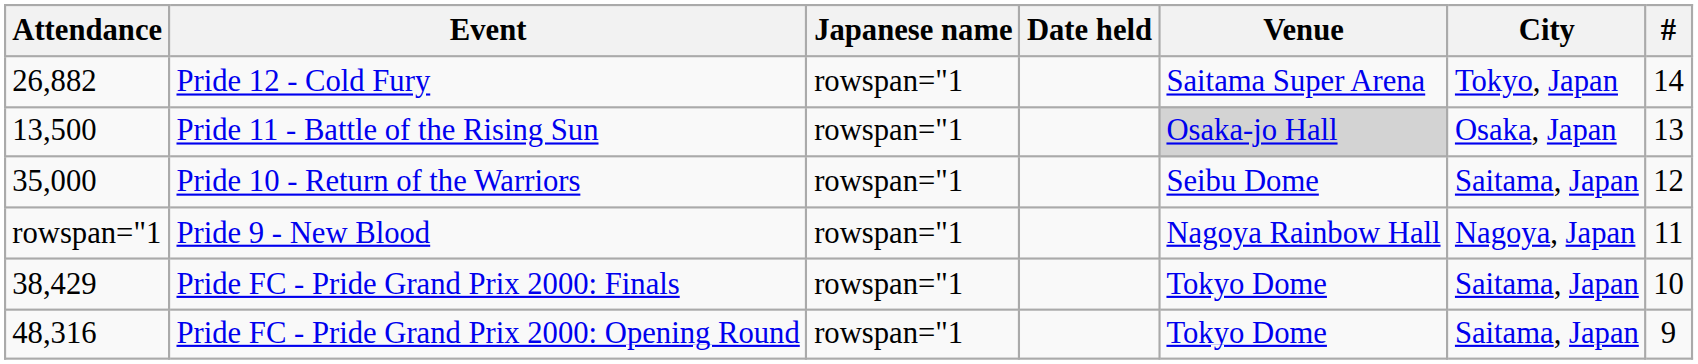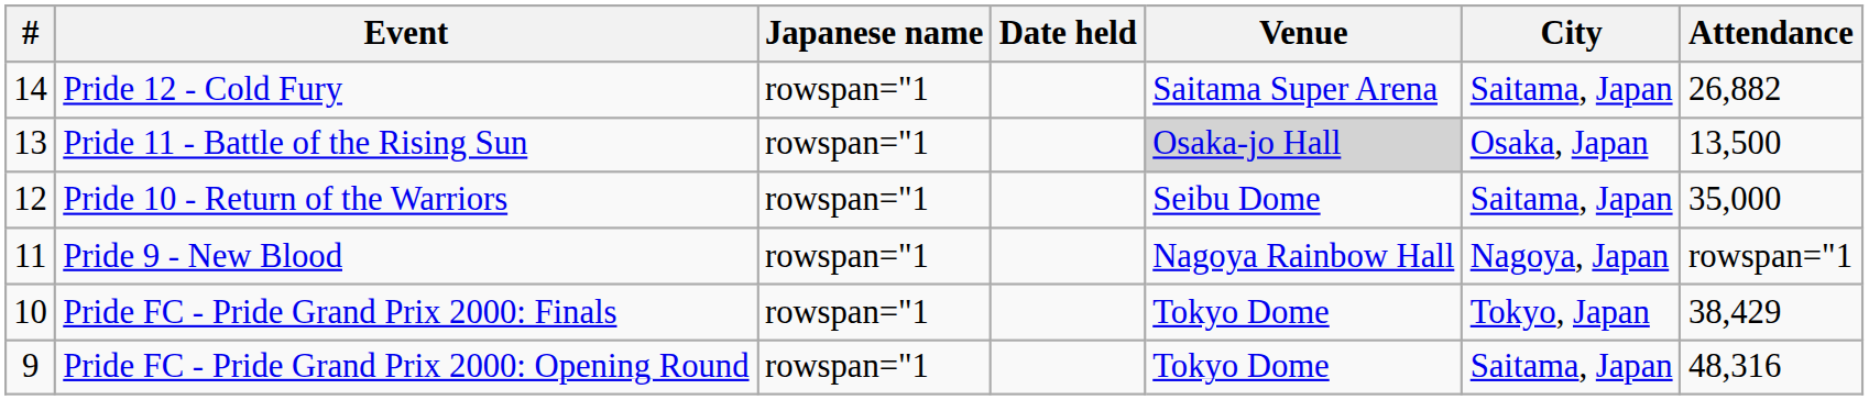 <table class="sortable wikitable succession-box" style="font-size:90%;">
 <tr>
-<th>Attendance</th>
+<th>#</th>
 <th>Event</th>
 <th>Japanese name</th>
 <th>Date held</th>
 <th>Venue</th>
 <th>City</th>
-<th>#</th>
+<th>Attendance</th>
 </tr>
 <tr>
-<td>26,882</td>
+<td style="text-align:center">14</td>
 <td><a href='#'>Pride 12 - Cold Fury</a></td>
 <td>rowspan="1 </td>
 <td></td>
 <td><a href='#'>Saitama Super Arena</a></td>
-<td><a href='#'>Tokyo</a>, <a href='#'>Japan</a></td>
-<td style="text-align:center">14</td>
+<td><a href='#'>Saitama</a>, <a href='#'>Japan</a></td>
+<td>26,882</td>
 </tr>
 <tr>
-<td>13,500</td>
+<td style="text-align:center">13</td>
 <td><a href='#'>Pride 11 - Battle of the Rising Sun</a></td>
 <td>rowspan="1 </td>
 <td></td>
 <td style="background: lightgrey;"><a href='#'>Osaka-jo Hall</a></td>
 <td><a href='#'>Osaka</a>, <a href='#'>Japan</a></td>
-<td style="text-align:center">13</td>
+<td>13,500</td>
 </tr>
 <tr>
-<td>35,000</td>
+<td style="text-align:center">12</td>
 <td><a href='#'>Pride 10 - Return of the Warriors</a></td>
 <td>rowspan="1 </td>
 <td></td>
 <td><a href='#'>Seibu Dome</a></td>
 <td><a href='#'>Saitama</a>, <a href='#'>Japan</a></td>
-<td style="text-align:center">12</td>
+<td>35,000</td>
 </tr>
 <tr>
-<td>rowspan="1 </td>
+<td style="text-align:center">11</td>
 <td><a href='#'>Pride 9 - New Blood</a></td>
 <td>rowspan="1 </td>
 <td></td>
 <td><a href='#'>Nagoya Rainbow Hall</a></td>
 <td><a href='#'>Nagoya</a>, <a href='#'>Japan</a></td>
-<td style="text-align:center">11</td>
+<td>rowspan="1 </td>
 </tr>
 <tr>
-<td>38,429</td>
+<td style="text-align:center">10</td>
 <td><a href='#'>Pride FC - Pride Grand Prix 2000: Finals</a></td>
 <td>rowspan="1 </td>
 <td></td>
 <td><a href='#'>Tokyo Dome</a></td>
-<td><a href='#'>Saitama</a>, <a href='#'>Japan</a></td>
-<td style="text-align:center">10</td>
+<td><a href='#'>Tokyo</a>, <a href='#'>Japan</a></td>
+<td>38,429</td>
 </tr>
 <tr>
-<td>48,316</td>
+<td style="text-align:center">9</td>
 <td><a href='#'>Pride FC - Pride Grand Prix 2000: Opening Round</a></td>
 <td>rowspan="1 </td>
 <td></td>
 <td><a href='#'>Tokyo Dome</a></td>
 <td><a href='#'>Saitama</a>, <a href='#'>Japan</a></td>
-<td style="text-align:center">9</td>
+<td>48,316</td>
 </tr>
 </table>
